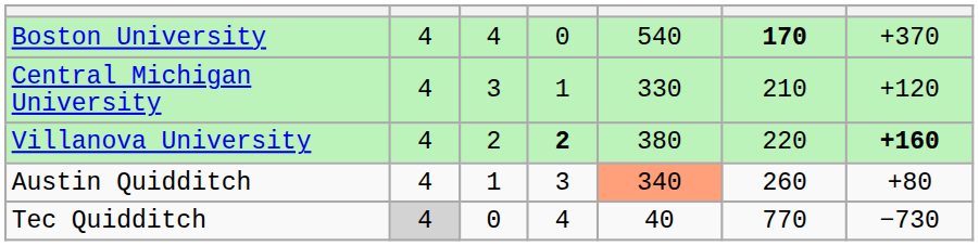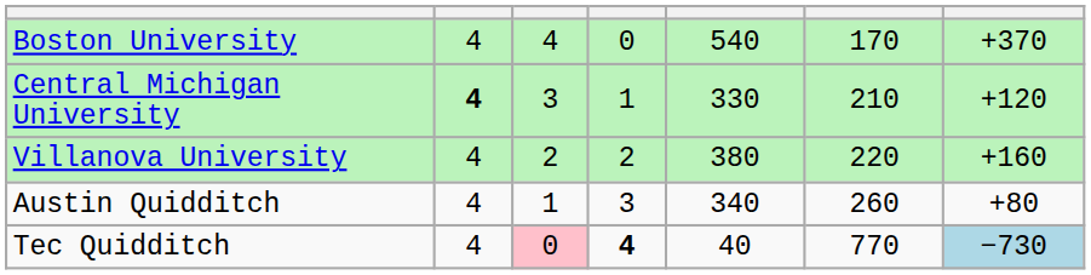 <table class="wikitable" style="text-align: center; font-size: 85%;">
 <tr>
 <th width=165></th>
 <th width=25></th>
 <th width=25></th>
 <th width=25></th>
 <th width=50></th>
 <th width=50></th>
 <th width=50></th>
 </tr>
 <tr style="background:#BBF3BB;">
 <td style="text-align:left;"><a href='#'>Boston University</a></td>
 <td>4</td>
 <td>4</td>
 <td>0</td>
 <td>540</td>
-<td><strong>170</strong></td>
+<td>170</td>
 <td>+370</td>
 </tr>
 <tr style="background:#BBF3BB;">
 <td style="text-align:left;"><a href='#'>Central Michigan University</a></td>
-<td>4</td>
+<td><strong>4</strong></td>
 <td>3</td>
 <td>1</td>
 <td>330</td>
 <td>210</td>
 <td>+120</td>
 </tr>
 <tr style="background:#BBF3BB;">
 <td style="text-align:left;"><a href='#'>Villanova University</a></td>
 <td>4</td>
 <td>2</td>
-<td><strong>2</strong></td>
+<td>2</td>
 <td>380</td>
 <td>220</td>
-<td><strong>+160</strong></td>
+<td>+160</td>
 </tr>
 <tr>
 <td style="text-align:left;">Austin Quidditch</td>
 <td>4</td>
 <td>1</td>
 <td>3</td>
-<td style="background: lightsalmon;">340</td>
+<td>340</td>
 <td>260</td>
 <td>+80</td>
 </tr>
 <tr>
 <td style="text-align:left;">Tec Quidditch</td>
-<td style="background: lightgrey;">4</td>
-<td>0</td>
 <td>4</td>
+<td style="background: pink;">0</td>
+<td><strong>4</strong></td>
 <td>40</td>
 <td>770</td>
-<td>−730</td>
+<td style="background: lightblue;">−730</td>
 </tr>
 </table>
